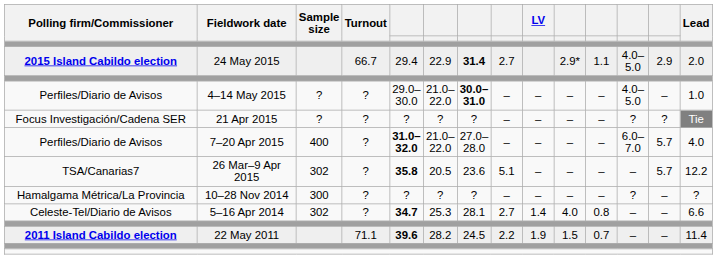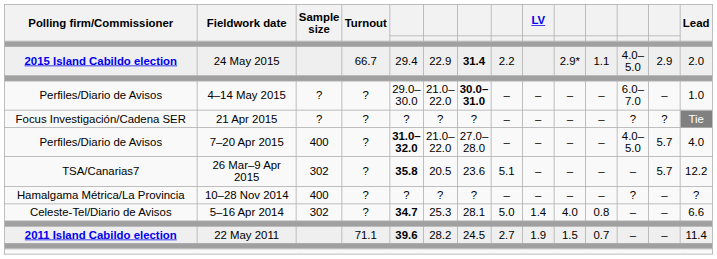 <table class="wikitable collapsible collapsed" style="text-align:center; font-size:95%; line-height:16px;">
 <tr style="height:42px;">
 <th style="width:250px;" rowspan="2">Polling firm/Commissioner</th>
 <th style="width:125px;" rowspan="2">Fieldwork date</th>
 <th style="width:50px;" rowspan="2">Sample size</th>
 <th style="width:45px;" rowspan="2">Turnout</th>
 <th style="width:35px;"></th>
 <th style="width:35px;"></th>
 <th style="width:35px;"></th>
 <th style="width:35px;"></th>
 <th style="width:35px;"><a href='#'>LV</a></th>
 <th style="width:35px;"></th>
 <th style="width:35px;"></th>
 <th style="width:35px;"></th>
 <th style="width:35px;"></th>
 <th style="width:30px;" rowspan="2">Lead</th>
 </tr>
 <tr>
 <th style="color:inherit;background:"></th>
 <th style="color:inherit;background:"></th>
 <th style="color:inherit;background:"></th>
 <th style="color:inherit;background:"></th>
 <th style="color:inherit;background:"></th>
 <th style="color:inherit;background:"></th>
 <th style="color:inherit;background:"></th>
 <th style="color:inherit;background:"></th>
 <th style="color:inherit;background:"></th>
 </tr>
 <tr>
 <td colspan="14" style="background:#A0A0A0"></td>
 </tr>
 <tr style="background:#EFEFEF;">
 <td><strong><a href='#'>2015 Island Cabildo election</a></strong></td>
 <td>24 May 2015</td>
 <td></td>
 <td>66.7</td>
 <td>29.4<br></td>
 <td>22.9<br></td>
 <td><strong>31.4</strong><br></td>
-<td>2.7<br></td>
+<td>2.2<br></td>
 <td></td>
 <td>2.9*<br></td>
 <td>1.1<br></td>
 <td>4.0–<br>5.0<br></td>
 <td>2.9<br></td>
 <td style="background:">2.0</td>
 </tr>
 <tr>
 <td colspan="14" style="background:#A0A0A0"></td>
 </tr>
 <tr>
 <td>Perfiles/Diario de Avisos</td>
 <td>4–14 May 2015</td>
 <td>?</td>
 <td>?</td>
 <td>29.0–<br>30.0<br></td>
 <td>21.0–<br>22.0<br></td>
 <td><strong>30.0–<br>31.0</strong><br></td>
 <td>–</td>
 <td>–</td>
 <td>–</td>
 <td>–</td>
-<td>4.0–<br>5.0<br></td>
+<td>6.0–<br>7.0<br></td>
 <td>–</td>
 <td style="background:">1.0</td>
 </tr>
 <tr>
 <td>Focus Investigación/Cadena SER</td>
 <td>21 Apr 2015</td>
 <td>?</td>
 <td>?</td>
 <td>?<br></td>
 <td>?<br></td>
 <td>?<br></td>
 <td>–</td>
 <td>–</td>
 <td>–</td>
 <td>–</td>
 <td>?<br></td>
 <td>?<br></td>
 <td style="background:gray; color:white;">Tie</td>
 </tr>
 <tr>
 <td>Perfiles/Diario de Avisos</td>
 <td>7–20 Apr 2015</td>
 <td>400</td>
 <td>?</td>
 <td><strong>31.0–<br>32.0</strong><br></td>
 <td>21.0–<br>22.0<br></td>
 <td>27.0–<br>28.0<br></td>
 <td>–</td>
 <td>–</td>
 <td>–</td>
 <td>–</td>
-<td>6.0–<br>7.0<br></td>
+<td>4.0–<br>5.0<br></td>
 <td>5.7<br></td>
 <td style="background:">4.0</td>
 </tr>
 <tr>
 <td>TSA/Canarias7</td>
 <td>26 Mar–9 Apr 2015</td>
 <td>302</td>
 <td>?</td>
 <td><strong>35.8</strong><br></td>
 <td>20.5<br></td>
 <td>23.6<br></td>
 <td>5.1<br></td>
 <td>–</td>
 <td>–</td>
 <td>–</td>
 <td>–</td>
 <td>5.7<br></td>
 <td style="background:">12.2</td>
 </tr>
 <tr>
 <td>Hamalgama Métrica/La Provincia</td>
 <td>10–28 Nov 2014</td>
-<td>300</td>
+<td>400</td>
 <td>?</td>
 <td>?<br></td>
 <td>?<br></td>
 <td>?<br></td>
 <td>–</td>
 <td>–</td>
 <td>–</td>
 <td>–</td>
 <td>?<br></td>
 <td>–</td>
 <td style="background:">?</td>
 </tr>
 <tr>
 <td>Celeste-Tel/Diario de Avisos</td>
 <td>5–16 Apr 2014</td>
 <td>302</td>
 <td>?</td>
 <td><strong>34.7</strong><br></td>
 <td>25.3<br></td>
 <td>28.1<br></td>
-<td>2.7<br></td>
+<td>5.0<br></td>
 <td>1.4<br></td>
 <td>4.0<br></td>
 <td>0.8<br></td>
 <td>–</td>
 <td>–</td>
 <td style="background:">6.6</td>
 </tr>
 <tr>
 <td colspan="14" style="background:#A0A0A0"></td>
 </tr>
 <tr style="background:#EFEFEF;">
 <td><strong><a href='#'>2011 Island Cabildo election</a></strong></td>
 <td>22 May 2011</td>
 <td></td>
 <td>71.1</td>
 <td><strong>39.6</strong><br></td>
 <td>28.2<br></td>
 <td>24.5<br></td>
-<td>2.2<br></td>
+<td>2.7<br></td>
 <td>1.9<br></td>
 <td>1.5<br></td>
 <td>0.7<br></td>
 <td>–</td>
 <td>–</td>
 <td style="background:">11.4</td>
 </tr>
 <tr>
 <td colspan="14" style="background:#A0A0A0"></td>
 </tr>
 <tr>
 <td align="left" colspan="14"></td>
 </tr>
 </table>
